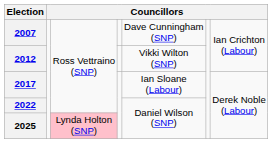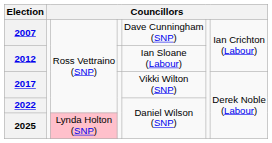 <table class="wikitable" style="text-align:center">
 <tr>
 <th>Election</th>
 <th colspan=7>Councillors</th>
 </tr>
 <tr>
 <th><a href='#'>2007</a></th>
 <td rowspan=5; style="background-color: "></td>
 <td rowspan=4>Ross Vettraino<br>(<a href='#'>SNP</a>)</td>
 <td rowspan=1; style="background-color: "></td>
 <td rowspan=1>Dave Cunningham<br>(<a href='#'>SNP</a>)</td>
 <td rowspan=5; style="background-color: "></td>
 <td rowspan=2>Ian Crichton<br>(<a href='#'>Labour</a>)</td>
 </tr>
 <tr>
 <th><a href='#'>2012</a></th>
 <td rowspan=1; style="background-color: "></td>
-<td rowspan=1>Vikki Wilton<br>(<a href='#'>SNP</a>)</td>
+<td rowspan=1>Ian Sloane<br>(<a href='#'>Labour</a>)</td>
 </tr>
 <tr>
 <th><a href='#'>2017</a></th>
 <td rowspan=3; style="background-color: "></td>
-<td rowspan=1>Ian Sloane<br>(<a href='#'>Labour</a>)</td>
+<td rowspan=1>Vikki Wilton<br>(<a href='#'>SNP</a>)</td>
 <td rowspan=3>Derek Noble<br>(<a href='#'>Labour</a>)</td>
 </tr>
 <tr>
 <th><a href='#'>2022</a></th>
 <td rowspan=2>Daniel Wilson<br>(<a href='#'>SNP</a>)</td>
 </tr>
 <tr>
 <th>2025</th>
 <td rowspan=1 style="background: pink;">Lynda Holton<br>(<a href='#'>SNP</a>)</td>
 </tr>
 </table>
